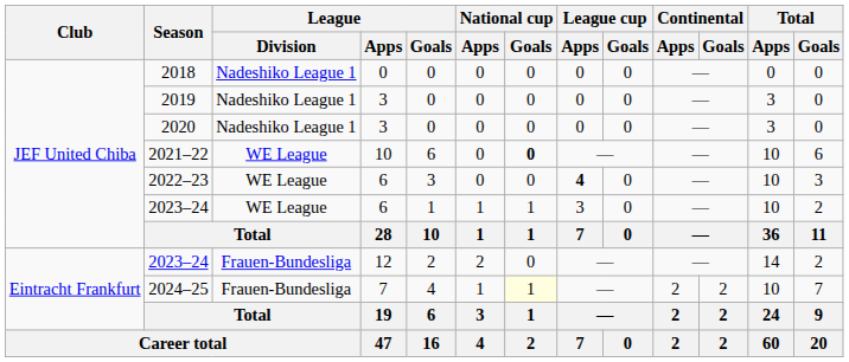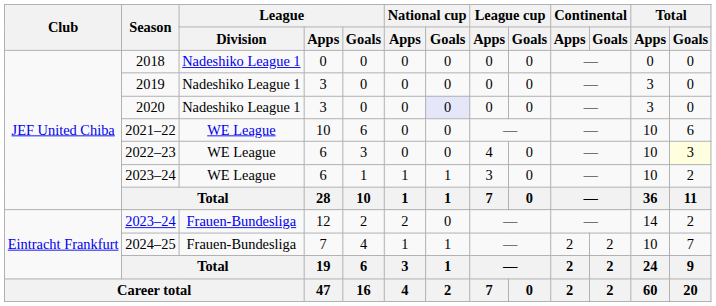 <table class="wikitable" style="text-align:center">
 <tr>
 <th rowspan="2">Club</th>
 <th rowspan="2">Season</th>
 <th colspan="3">League</th>
 <th colspan="2">National cup</th>
 <th colspan="2">League cup</th>
 <th colspan="2">Continental</th>
 <th colspan="2">Total</th>
 </tr>
 <tr>
 <th>Division</th>
 <th>Apps</th>
 <th>Goals</th>
 <th>Apps</th>
 <th>Goals</th>
 <th>Apps</th>
 <th>Goals</th>
 <th>Apps</th>
 <th>Goals</th>
 <th>Apps</th>
 <th>Goals</th>
 </tr>
 <tr>
 <td rowspan="7"><a href='#'>JEF United Chiba</a></td>
 <td>2018</td>
 <td><a href='#'>Nadeshiko League 1</a></td>
 <td>0</td>
 <td>0</td>
 <td>0</td>
 <td>0</td>
 <td>0</td>
 <td>0</td>
 <td colspan="2">—</td>
 <td>0</td>
 <td>0</td>
 </tr>
 <tr>
 <td>2019</td>
 <td>Nadeshiko League 1</td>
 <td>3</td>
 <td>0</td>
 <td>0</td>
 <td>0</td>
 <td>0</td>
 <td>0</td>
 <td colspan="2">—</td>
 <td>3</td>
 <td>0</td>
 </tr>
 <tr>
 <td>2020</td>
 <td>Nadeshiko League 1</td>
 <td>3</td>
 <td>0</td>
 <td>0</td>
-<td>0</td>
+<td style="background: lavender;">0</td>
 <td>0</td>
 <td>0</td>
 <td colspan="2">—</td>
 <td>3</td>
 <td>0</td>
 </tr>
 <tr>
 <td>2021–22</td>
 <td><a href='#'>WE League</a></td>
 <td>10</td>
 <td>6</td>
 <td>0</td>
-<td><strong>0</strong></td>
+<td>0</td>
 <td colspan="2">—</td>
 <td colspan="2">—</td>
 <td>10</td>
 <td>6</td>
 </tr>
 <tr>
 <td>2022–23</td>
 <td>WE League</td>
 <td>6</td>
 <td>3</td>
 <td>0</td>
 <td>0</td>
-<td><strong>4</strong></td>
+<td>4</td>
 <td>0</td>
 <td colspan="2">—</td>
 <td>10</td>
-<td>3</td>
+<td style="background: lightyellow;">3</td>
 </tr>
 <tr>
 <td>2023–24</td>
 <td>WE League</td>
 <td>6</td>
 <td>1</td>
 <td>1</td>
 <td>1</td>
 <td>3</td>
 <td>0</td>
 <td colspan="2">—</td>
 <td>10</td>
 <td>2</td>
 </tr>
 <tr>
 <th colspan="2">Total</th>
 <th>28</th>
 <th>10</th>
 <th>1</th>
 <th>1</th>
 <th>7</th>
 <th>0</th>
 <th colspan="2">—</th>
 <th>36</th>
 <th>11</th>
 </tr>
 <tr>
 <td rowspan="3"><a href='#'>Eintracht Frankfurt</a></td>
 <td><a href='#'>2023–24</a></td>
 <td><a href='#'>Frauen-Bundesliga</a></td>
 <td>12</td>
 <td>2</td>
 <td>2</td>
 <td>0</td>
 <td colspan="2">—</td>
 <td colspan="2">—</td>
 <td>14</td>
 <td>2</td>
 </tr>
 <tr>
 <td>2024–25</td>
 <td>Frauen-Bundesliga</td>
 <td>7</td>
 <td>4</td>
 <td>1</td>
-<td style="background: lightyellow;">1</td>
+<td>1</td>
 <td colspan="2">—</td>
 <td>2</td>
 <td>2</td>
 <td>10</td>
 <td>7</td>
 </tr>
 <tr>
 <th colspan="2">Total</th>
 <th>19</th>
 <th>6</th>
 <th>3</th>
 <th>1</th>
 <th colspan="2">—</th>
 <th>2</th>
 <th>2</th>
 <th>24</th>
 <th>9</th>
 </tr>
 <tr>
 <th colspan="3">Career total</th>
 <th>47</th>
 <th>16</th>
 <th>4</th>
 <th>2</th>
 <th>7</th>
 <th>0</th>
 <th>2</th>
 <th>2</th>
 <th>60</th>
 <th>20</th>
 </tr>
 </table>
